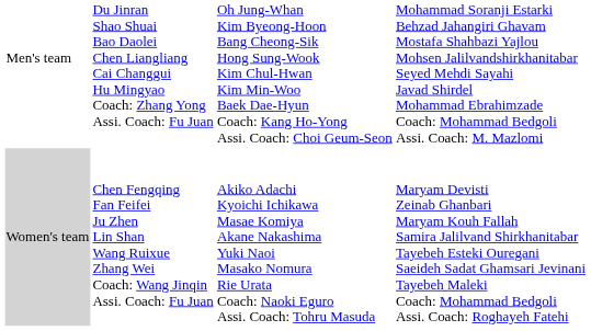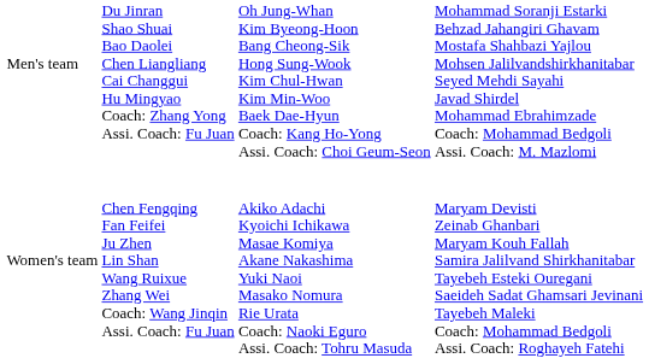 <table>
 <tr>
 <td>Men's team</td>
 <td valign="top"> <br><br><a href='#'>Du Jinran</a> <br> <a href='#'>Shao Shuai</a> <br> <a href='#'>Bao Daolei</a> <br> <a href='#'>Chen Liangliang</a> <br> <a href='#'>Cai Changgui</a> <br> <a href='#'>Hu Mingyao</a><br>Coach: <a href='#'>Zhang Yong</a> <br> Assi. Coach: <a href='#'>Fu Juan</a></td>
 <td valign="top"> <br><br><a href='#'>Oh Jung-Whan</a> <br> <a href='#'>Kim Byeong-Hoon</a> <br> <a href='#'>Bang Cheong-Sik</a> <br> <a href='#'>Hong Sung-Wook</a> <br> <a href='#'>Kim Chul-Hwan</a> <br> <a href='#'>Kim Min-Woo</a> <br> <a href='#'>Baek Dae-Hyun</a> <br> Coach: <a href='#'>Kang Ho-Yong</a> <br> Assi. Coach: <a href='#'>Choi Geum-Seon</a></td>
 <td valign="top"> <br><br><a href='#'>Mohammad Soranji Estarki</a> <br> <a href='#'>Behzad Jahangiri Ghavam</a> <br> <a href='#'>Mostafa Shahbazi Yajlou</a> <br> <a href='#'>Mohsen Jalilvandshirkhanitabar</a> <br> <a href='#'>Seyed Mehdi Sayahi</a> <br> <a href='#'>Javad Shirdel</a> <br> <a href='#'>Mohammad Ebrahimzade</a> <br> Coach: <a href='#'>Mohammad Bedgoli</a> <br> Assi. Coach: <a href='#'>M. Mazlomi</a></td>
 </tr>
 <tr>
-<td style="background: lightgrey;">Women's team</td>
+<td>Women's team</td>
 <td valign="top"> <br><br><a href='#'>Chen Fengqing</a> <br> <a href='#'>Fan Feifei</a> <br> <a href='#'>Ju Zhen</a> <br> <a href='#'>Lin Shan</a> <br> <a href='#'>Wang Ruixue</a> <br> <a href='#'>Zhang Wei</a><br>Coach: <a href='#'>Wang Jinqin</a> <br> Assi. Coach: <a href='#'>Fu Juan</a></td>
 <td valign="top"> <br><br><a href='#'>Akiko Adachi</a> <br> <a href='#'>Kyoichi Ichikawa</a> <br> <a href='#'>Masae Komiya</a> <br> <a href='#'>Akane Nakashima</a> <br> <a href='#'>Yuki Naoi</a> <br> <a href='#'>Masako Nomura</a> <br> <a href='#'>Rie Urata</a> <br> Coach: <a href='#'>Naoki Eguro</a> <br> Assi. Coach: <a href='#'>Tohru Masuda</a></td>
 <td valign="top"> <br><br><a href='#'>Maryam Devisti</a> <br> <a href='#'>Zeinab Ghanbari</a> <br> <a href='#'>Maryam Kouh Fallah</a> <br> <a href='#'>Samira Jalilvand Shirkhanitabar</a> <br> <a href='#'>Tayebeh Esteki Ouregani</a> <br> <a href='#'>Saeideh Sadat Ghamsari Jevinani</a> <br> <a href='#'>Tayebeh Maleki</a> <br> Coach: <a href='#'>Mohammad Bedgoli</a> <br> Assi. Coach: <a href='#'>Roghayeh Fatehi</a></td>
 </tr>
 </table>
